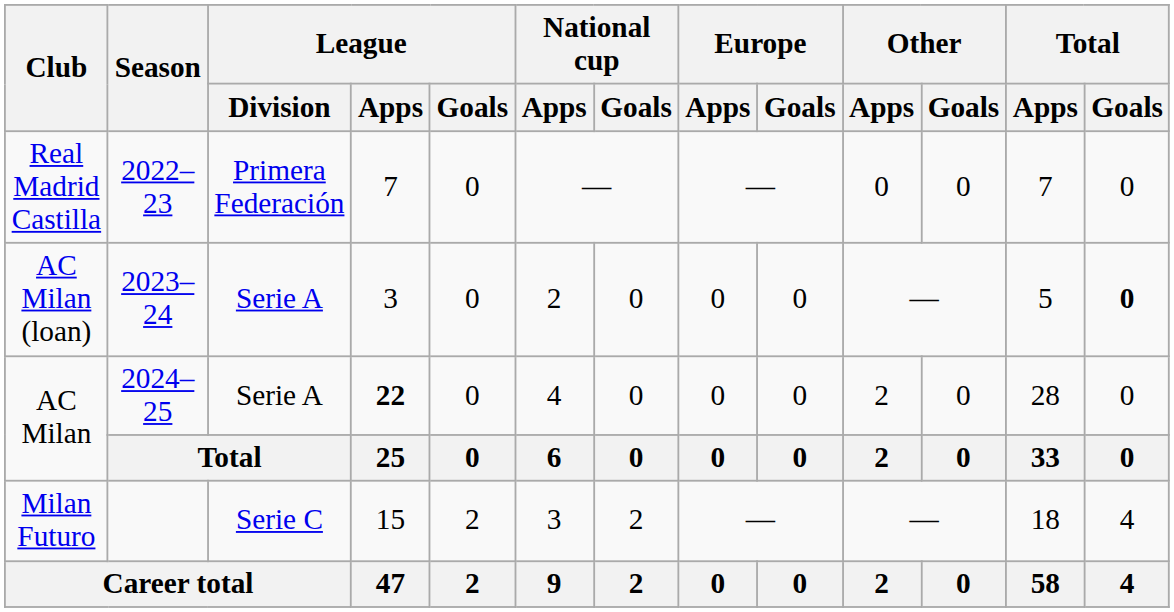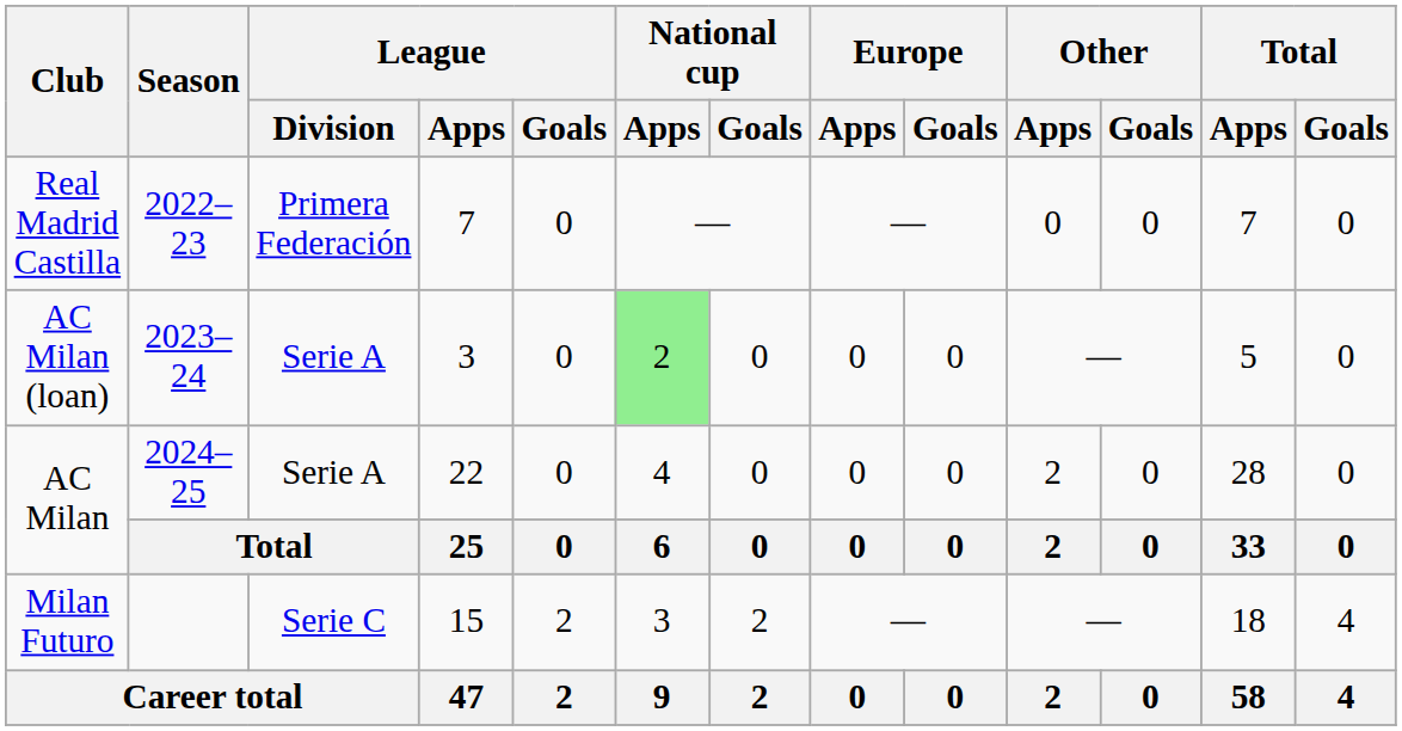 <table class="wikitable" style="text-align:center">
 <tr>
 <th rowspan="2">Club</th>
 <th rowspan="2">Season</th>
 <th colspan="3">League</th>
 <th colspan="2">National cup</th>
 <th colspan="2">Europe</th>
 <th colspan="2">Other</th>
 <th colspan="2">Total</th>
 </tr>
 <tr>
 <th>Division</th>
 <th>Apps</th>
 <th>Goals</th>
 <th>Apps</th>
 <th>Goals</th>
 <th>Apps</th>
 <th>Goals</th>
 <th>Apps</th>
 <th>Goals</th>
 <th>Apps</th>
 <th>Goals</th>
 </tr>
 <tr>
 <td><a href='#'>Real Madrid Castilla</a></td>
 <td><a href='#'>2022–23</a></td>
 <td><a href='#'>Primera Federación</a></td>
 <td>7</td>
 <td>0</td>
 <td colspan="2">—</td>
 <td colspan="2">—</td>
 <td>0</td>
 <td>0</td>
 <td>7</td>
 <td>0</td>
 </tr>
 <tr>
 <td><a href='#'>AC Milan</a> (loan)</td>
 <td><a href='#'>2023–24</a></td>
 <td><a href='#'>Serie A</a></td>
 <td>3</td>
 <td>0</td>
-<td>2</td>
+<td style="background: lightgreen;">2</td>
 <td>0</td>
 <td>0</td>
 <td>0</td>
 <td colspan="2">—</td>
 <td>5</td>
-<td><strong>0</strong></td>
+<td>0</td>
 </tr>
 <tr>
 <td rowspan="2">AC Milan</td>
 <td><a href='#'>2024–25</a></td>
 <td>Serie A</td>
-<td><strong>22</strong></td>
+<td>22</td>
 <td>0</td>
 <td>4</td>
 <td>0</td>
 <td>0</td>
 <td>0</td>
 <td>2</td>
 <td>0</td>
 <td>28</td>
 <td>0</td>
 </tr>
 <tr>
 <th colspan="2">Total</th>
 <th>25</th>
 <th>0</th>
 <th>6</th>
 <th>0</th>
 <th>0</th>
 <th>0</th>
 <th>2</th>
 <th>0</th>
 <th>33</th>
 <th>0</th>
 </tr>
 <tr>
 <td><a href='#'>Milan Futuro</a></td>
 <td></td>
 <td><a href='#'>Serie C</a></td>
 <td>15</td>
 <td>2</td>
 <td>3</td>
 <td>2</td>
 <td colspan="2">—</td>
 <td colspan="2">—</td>
 <td>18</td>
 <td>4</td>
 </tr>
 <tr>
 <th colspan="3">Career total</th>
 <th>47</th>
 <th>2</th>
 <th>9</th>
 <th>2</th>
 <th>0</th>
 <th>0</th>
 <th>2</th>
 <th>0</th>
 <th>58</th>
 <th>4</th>
 </tr>
 </table>
